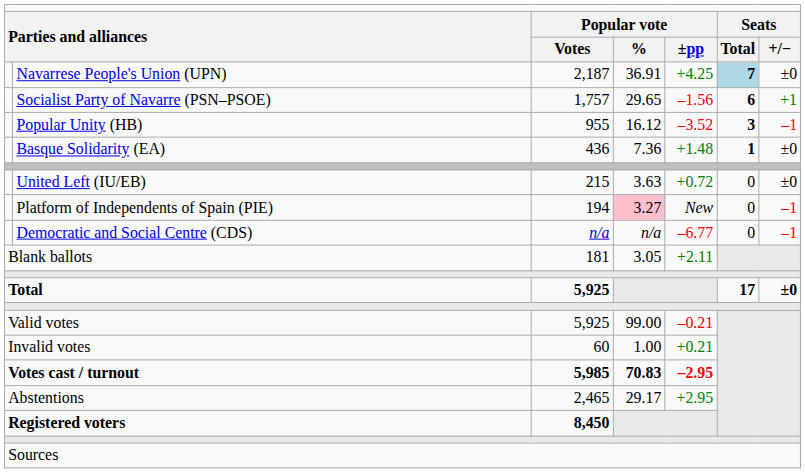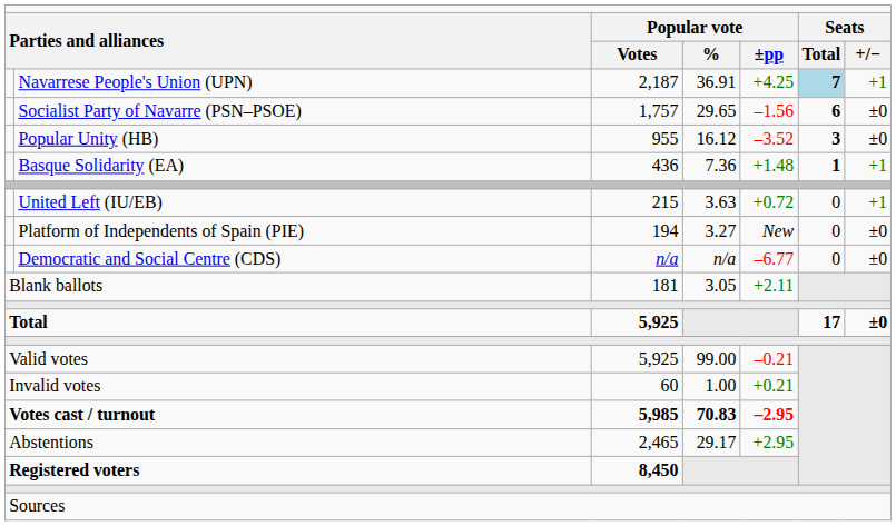 <table class="wikitable" style="text-align:right;">
 <tr>
 <td colspan="7"></td>
 </tr>
 <tr>
 <th style="text-align:left;" rowspan="2" colspan="2" width="525">Parties and alliances</th>
 <th colspan="3">Popular vote</th>
 <th colspan="2">Seats</th>
 </tr>
 <tr>
 <th width="75">Votes</th>
 <th width="45">%</th>
 <th width="45">±<a href='#'>pp</a></th>
 <th width="35">Total</th>
 <th width="35">+/−</th>
 </tr>
 <tr>
 <td width="1" style="color:inherit;background:"></td>
 <td align="left"><a href='#'>Navarrese People's Union</a> (UPN)</td>
 <td>2,187</td>
 <td>36.91</td>
 <td style="color:green;">+4.25</td>
 <td style="background: lightblue;"><strong>7</strong></td>
-<td>±0</td>
+<td style="color:green;">+1</td>
 </tr>
 <tr>
 <td style="color:inherit;background:"></td>
 <td align="left"><a href='#'>Socialist Party of Navarre</a> (PSN–PSOE)</td>
 <td>1,757</td>
 <td>29.65</td>
 <td style="color:red;">–1.56</td>
 <td><strong>6</strong></td>
-<td style="color:green;">+1</td>
+<td>±0</td>
 </tr>
 <tr>
 <td style="color:inherit;background:"></td>
 <td align="left"><a href='#'>Popular Unity</a> (HB)</td>
 <td>955</td>
 <td>16.12</td>
 <td style="color:red;">–3.52</td>
 <td><strong>3</strong></td>
-<td style="color:red;">–1</td>
+<td>±0</td>
 </tr>
 <tr>
 <td style="color:inherit;background:"></td>
 <td align="left"><a href='#'>Basque Solidarity</a> (EA)</td>
 <td>436</td>
 <td>7.36</td>
 <td style="color:green;">+1.48</td>
 <td><strong>1</strong></td>
-<td>±0</td>
+<td style="color:green;">+1</td>
 </tr>
 <tr>
 <td colspan="7" bgcolor="#C0C0C0"></td>
 </tr>
 <tr>
 <td style="color:inherit;background:"></td>
 <td align="left"><a href='#'>United Left</a> (IU/EB)</td>
 <td>215</td>
 <td>3.63</td>
 <td style="color:green;">+0.72</td>
 <td>0</td>
-<td>±0</td>
+<td style="color:green;">+1</td>
 </tr>
 <tr>
 <td style="color:inherit;background:"></td>
 <td align="left">Platform of Independents of Spain (PIE)</td>
 <td>194</td>
-<td style="background: pink;">3.27</td>
+<td>3.27</td>
 <td><em>New</em></td>
 <td>0</td>
-<td style="color:red;">–1</td>
+<td>±0</td>
 </tr>
 <tr>
 <td style="color:inherit;background:"></td>
 <td align="left"><a href='#'>Democratic and Social Centre</a> (CDS)</td>
 <td><em><a href='#'>n/a</a></em></td>
 <td><em>n/a</em></td>
 <td style="color:red;">–6.77</td>
 <td>0</td>
-<td style="color:red;">–1</td>
+<td>±0</td>
 </tr>
 <tr>
 <td align="left" colspan="2">Blank ballots</td>
 <td>181</td>
 <td>3.05</td>
 <td style="color:green;">+2.11</td>
 <td bgcolor="#E9E9E9" colspan="2"></td>
 </tr>
 <tr>
 <td colspan="7" bgcolor="#E9E9E9"></td>
 </tr>
 <tr style="font-weight:bold;">
 <td align="left" colspan="2">Total</td>
 <td>5,925</td>
 <td bgcolor="#E9E9E9" colspan="2"></td>
 <td>17</td>
 <td>±0</td>
 </tr>
 <tr>
 <td colspan="7" bgcolor="#E9E9E9"></td>
 </tr>
 <tr>
 <td align="left" colspan="2">Valid votes</td>
 <td>5,925</td>
 <td>99.00</td>
 <td style="color:red;">–0.21</td>
 <td bgcolor="#E9E9E9" colspan="2" rowspan="5"></td>
 </tr>
 <tr>
 <td align="left" colspan="2">Invalid votes</td>
 <td>60</td>
 <td>1.00</td>
 <td style="color:green;">+0.21</td>
 </tr>
 <tr style="font-weight:bold;">
 <td align="left" colspan="2">Votes cast / turnout</td>
 <td>5,985</td>
 <td>70.83</td>
 <td style="color:red;">–2.95</td>
 </tr>
 <tr>
 <td align="left" colspan="2">Abstentions</td>
 <td>2,465</td>
 <td>29.17</td>
 <td style="color:green;">+2.95</td>
 </tr>
 <tr style="font-weight:bold;">
 <td align="left" colspan="2">Registered voters</td>
 <td>8,450</td>
 <td bgcolor="#E9E9E9" colspan="2"></td>
 </tr>
 <tr>
 <td colspan="7" bgcolor="#E9E9E9"></td>
 </tr>
 <tr>
 <td align="left" colspan="7">Sources</td>
 </tr>
 </table>
